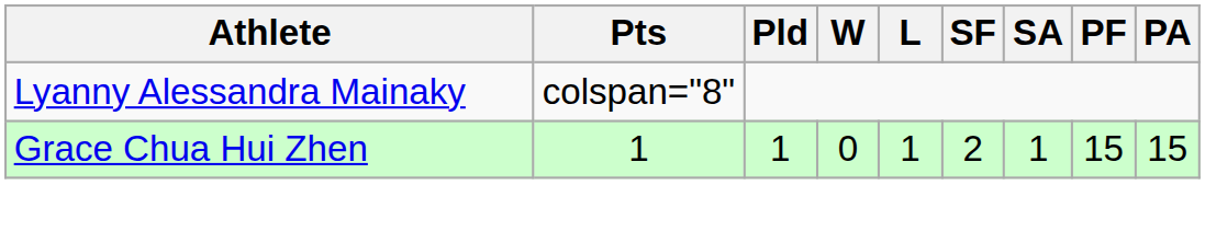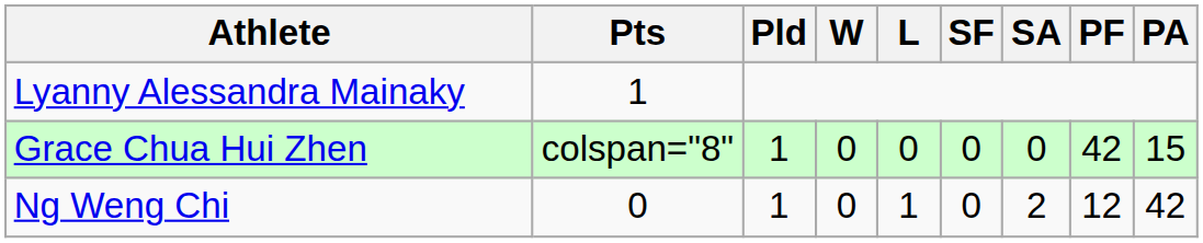 <table class=wikitable style="text-align:center">
 <tr>
 <th width="225">Athlete</th>
 <th width="20">Pts</th>
 <th width="20">Pld</th>
 <th width="20">W</th>
 <th width="20">L</th>
 <th width="20">SF</th>
 <th width="20">SA</th>
 <th width="20">PF</th>
 <th width="20">PA</th>
 </tr>
 <tr>
 <td style="text-align:left"> <a href='#'>Lyanny Alessandra Mainaky</a></td>
-<td>colspan="8" </td>
+<td>1</td>
 </tr>
 <tr bgcolor="#ccffcc">
 <td style="text-align:left"> <a href='#'>Grace Chua Hui Zhen</a></td>
+<td>colspan="8" </td>
 <td>1</td>
+<td>0</td>
+<td>0</td>
+<td>0</td>
+<td>0</td>
+<td>42</td>
+<td>15</td>
+</tr>
+<tr>
+<td style="text-align:left"> <a href='#'>Ng Weng Chi</a></td>
+<td>0</td>
 <td>1</td>
 <td>0</td>
 <td>1</td>
+<td>0</td>
 <td>2</td>
-<td>1</td>
-<td>15</td>
-<td>15</td>
+<td>12</td>
+<td>42</td>
 </tr>
 </table>
